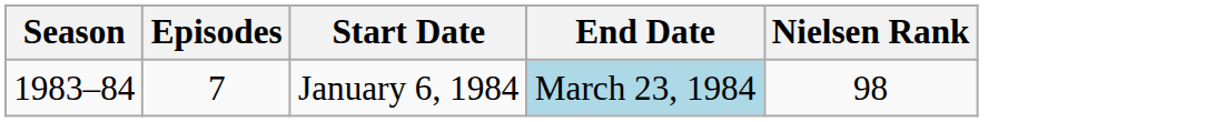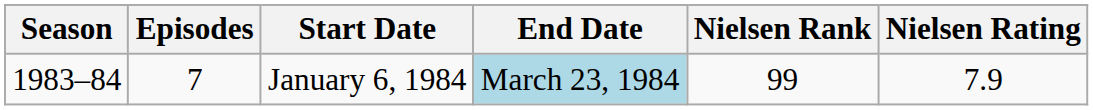 <table class="wikitable" style="text-align: center">
 <tr>
 <th>Season</th>
 <th>Episodes</th>
 <th>Start Date</th>
 <th>End Date</th>
 <th>Nielsen Rank</th>
+<th>Nielsen Rating</th>
 </tr>
 <tr>
 <td style="text-align:center">1983–84</td>
 <td style="text-align:center">7</td>
 <td style="text-align:center">January 6, 1984</td>
 <td style="background: lightblue; text-align:center">March 23, 1984</td>
-<td style="text-align:center:">98</td>
+<td style="text-align:center:">99</td>
+<td style="text-align:center">7.9</td>
 </tr>
 </table>
